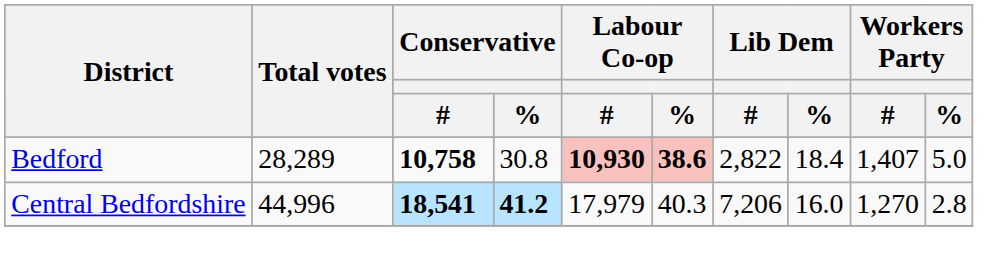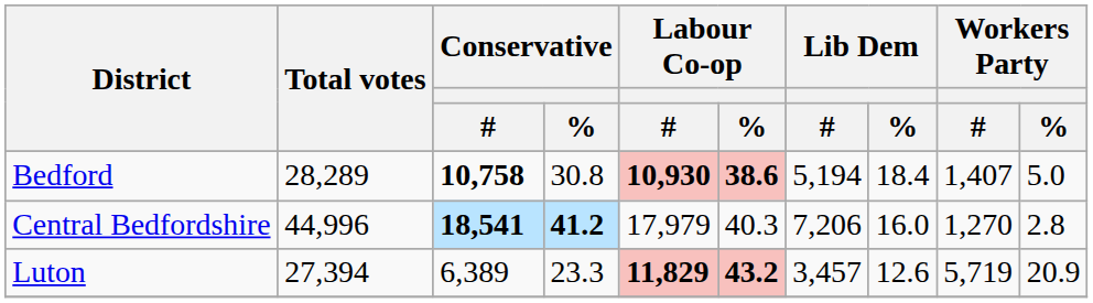 <table class="wikitable sortable">
 <tr>
 <th rowspan=3>District</th>
 <th rowspan=3>Total votes</th>
 <th colspan="2">Conservative</th>
 <th colspan="2">Labour<br>Co-op</th>
 <th colspan="2">Lib Dem</th>
 <th colspan="2">Workers<br>Party</th>
 </tr>
 <tr>
 <th colspan="2" style="background:"></th>
 <th colspan="2" style="background:"></th>
 <th colspan="2" style="background:"></th>
 <th colspan="2" style="background:"></th>
 </tr>
 <tr>
 <th>#</th>
 <th>%</th>
 <th>#</th>
 <th>%</th>
 <th>#</th>
 <th>%</th>
 <th>#</th>
 <th>%</th>
 </tr>
 <tr>
 <td><a href='#'>Bedford</a></td>
 <td>28,289</td>
 <td><strong>10,758</strong></td>
 <td>30.8</td>
 <td style="background:#F8C1BE;"><strong>10,930</strong></td>
 <td style="background:#F8C1BE;"><strong>38.6</strong></td>
-<td>2,822</td>
+<td>5,194</td>
 <td>18.4</td>
 <td>1,407</td>
 <td>5.0</td>
 </tr>
 <tr>
 <td><a href='#'>Central Bedfordshire</a></td>
 <td>44,996</td>
 <td style="background:#B9E4FF;"><strong>18,541</strong></td>
 <td style="background:#B9E4FF;"><strong>41.2</strong></td>
 <td>17,979</td>
 <td>40.3</td>
 <td>7,206</td>
 <td>16.0</td>
 <td>1,270</td>
 <td>2.8</td>
 </tr>
 <tr>
+<td><a href='#'>Luton</a></td>
+<td>27,394</td>
+<td>6,389</td>
+<td>23.3</td>
+<td style="background:#F8C1BE;"><strong>11,829</strong></td>
+<td style="background:#F8C1BE;"><strong>43.2</strong></td>
+<td>3,457</td>
+<td>12.6</td>
+<td>5,719</td>
+<td>20.9</td>
+</tr>
+<tr>
 </tr>
 </table>
